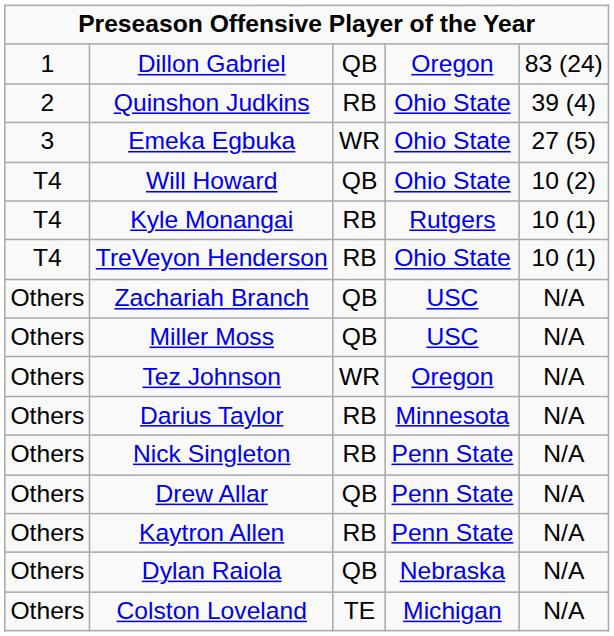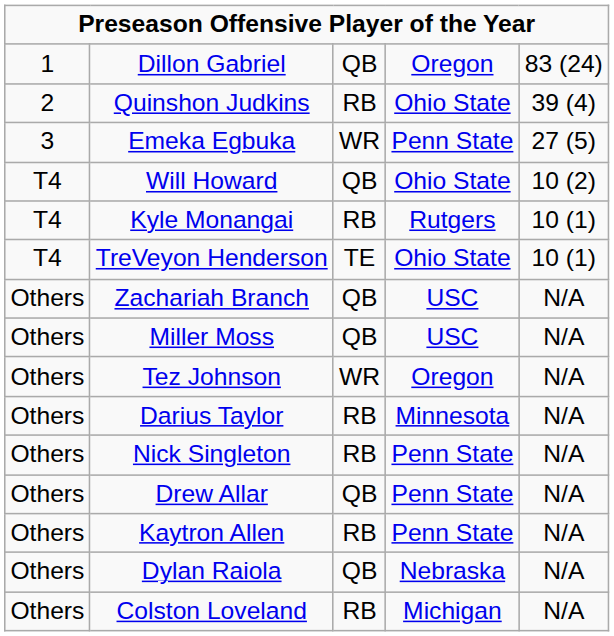 <table class="wikitable" style="display: inline-table;">
 <tr align="center">
 <td align="center" Colspan="5"><strong>Preseason Offensive Player of the Year</strong><br></td>
 </tr>
 <tr align="center">
 <td>1</td>
 <td><a href='#'>Dillon Gabriel</a></td>
 <td>QB</td>
 <td><a href='#'>Oregon</a></td>
 <td>83 (24)</td>
 </tr>
 <tr align="center">
 <td>2</td>
 <td><a href='#'>Quinshon Judkins</a></td>
 <td>RB</td>
 <td><a href='#'>Ohio State</a></td>
 <td>39 (4)</td>
 </tr>
 <tr align="center">
 <td>3</td>
 <td><a href='#'>Emeka Egbuka</a></td>
 <td>WR</td>
-<td><a href='#'>Ohio State</a></td>
+<td><a href='#'>Penn State</a></td>
 <td>27 (5)</td>
 </tr>
 <tr align="center">
 <td>T4</td>
 <td><a href='#'>Will Howard</a></td>
 <td>QB</td>
 <td><a href='#'>Ohio State</a></td>
 <td>10 (2)</td>
 </tr>
 <tr align="center">
 <td>T4</td>
 <td><a href='#'>Kyle Monangai</a></td>
 <td>RB</td>
 <td><a href='#'>Rutgers</a></td>
 <td>10 (1)</td>
 </tr>
 <tr align="center">
 <td>T4</td>
 <td><a href='#'>TreVeyon Henderson</a></td>
-<td>RB</td>
+<td>TE</td>
 <td><a href='#'>Ohio State</a></td>
 <td>10 (1)</td>
 </tr>
 <tr align="center">
 <td>Others</td>
 <td><a href='#'>Zachariah Branch</a></td>
 <td>QB</td>
 <td><a href='#'>USC</a></td>
 <td>N/A</td>
 </tr>
 <tr align="center">
 <td>Others</td>
 <td><a href='#'>Miller Moss</a></td>
 <td>QB</td>
 <td><a href='#'>USC</a></td>
 <td>N/A</td>
 </tr>
 <tr align="center">
 <td>Others</td>
 <td><a href='#'>Tez Johnson</a></td>
 <td>WR</td>
 <td><a href='#'>Oregon</a></td>
 <td>N/A</td>
 </tr>
 <tr align="center">
 <td>Others</td>
 <td><a href='#'>Darius Taylor</a></td>
 <td>RB</td>
 <td><a href='#'>Minnesota</a></td>
 <td>N/A</td>
 </tr>
 <tr align="center">
 <td>Others</td>
 <td><a href='#'>Nick Singleton</a></td>
 <td>RB</td>
 <td><a href='#'>Penn State</a></td>
 <td>N/A</td>
 </tr>
 <tr align="center">
 <td>Others</td>
 <td><a href='#'>Drew Allar</a></td>
 <td>QB</td>
 <td><a href='#'>Penn State</a></td>
 <td>N/A</td>
 </tr>
 <tr align="center">
 <td>Others</td>
 <td><a href='#'>Kaytron Allen</a></td>
 <td>RB</td>
 <td><a href='#'>Penn State</a></td>
 <td>N/A</td>
 </tr>
 <tr align="center">
 <td>Others</td>
 <td><a href='#'>Dylan Raiola</a></td>
 <td>QB</td>
 <td><a href='#'>Nebraska</a></td>
 <td>N/A</td>
 </tr>
 <tr align="center">
 <td>Others</td>
 <td><a href='#'>Colston Loveland</a></td>
-<td>TE</td>
+<td>RB</td>
 <td><a href='#'>Michigan</a></td>
 <td>N/A</td>
 </tr>
 </table>
